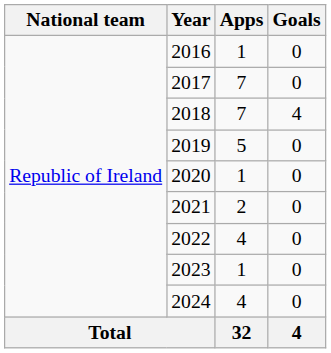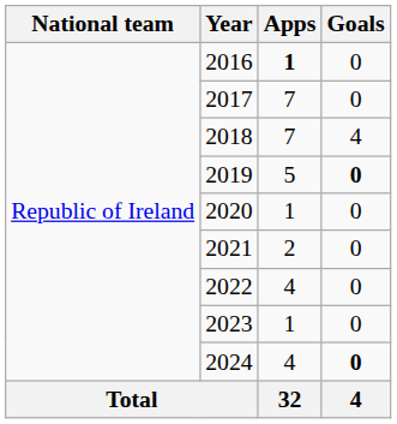 <table class="wikitable" style="text-align:center">
 <tr>
 <th scope="col">National team</th>
 <th scope="col">Year</th>
 <th scope="col">Apps</th>
 <th scope="col">Goals</th>
 </tr>
 <tr>
 <td rowspan="9"><a href='#'>Republic of Ireland</a></td>
 <td>2016</td>
-<td>1</td>
+<td><strong>1</strong></td>
 <td>0</td>
 </tr>
 <tr>
 <td>2017</td>
 <td>7</td>
 <td>0</td>
 </tr>
 <tr>
 <td>2018</td>
 <td>7</td>
 <td>4</td>
 </tr>
 <tr>
 <td>2019</td>
 <td>5</td>
-<td>0</td>
+<td><strong>0</strong></td>
 </tr>
 <tr>
 <td>2020</td>
 <td>1</td>
 <td>0</td>
 </tr>
 <tr>
 <td>2021</td>
 <td>2</td>
 <td>0</td>
 </tr>
 <tr>
 <td>2022</td>
 <td>4</td>
 <td>0</td>
 </tr>
 <tr>
 <td>2023</td>
 <td>1</td>
 <td>0</td>
 </tr>
 <tr>
 <td>2024</td>
 <td>4</td>
-<td>0</td>
+<td><strong>0</strong></td>
 </tr>
 <tr>
 <th colspan="2">Total</th>
 <th>32</th>
 <th>4</th>
 </tr>
 </table>
